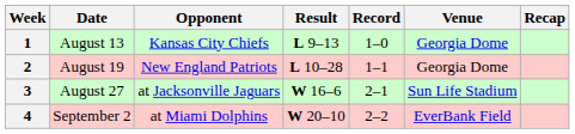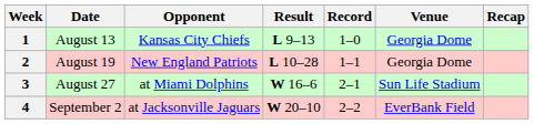 <table class="wikitable" style="text-align:center">
 <tr>
 <th>Week</th>
 <th>Date</th>
 <th>Opponent</th>
 <th>Result</th>
 <th>Record</th>
 <th>Venue</th>
 <th>Recap</th>
 </tr>
 <tr style="background:#cfc;">
 <th>1</th>
 <td style="text-align:center;">August 13</td>
 <td style="text-align:center;"><a href='#'>Kansas City Chiefs</a></td>
 <td style="text-align:center;"><strong>L</strong> 9–13</td>
 <td style="text-align:center;">1–0</td>
 <td style="text-align:center;"><a href='#'>Georgia Dome</a></td>
 <td style="text-align:center;"></td>
 </tr>
 <tr style="background:#fcc;">
 <th>2</th>
 <td style="text-align:center;">August 19</td>
 <td style="text-align:center;"><a href='#'>New England Patriots</a></td>
 <td style="text-align:center;"><strong>L</strong> 10–28</td>
 <td style="text-align:center;">1–1</td>
 <td style="text-align:center;">Georgia Dome</td>
 <td style="text-align:center;"></td>
 </tr>
 <tr style="background:#cfc;">
 <th>3</th>
 <td style="text-align:center;">August 27</td>
-<td style="text-align:center;">at <a href='#'>Jacksonville Jaguars</a></td>
+<td style="text-align:center;">at <a href='#'>Miami Dolphins</a></td>
 <td style="text-align:center;"><strong>W</strong> 16–6</td>
 <td style="text-align:center;">2–1</td>
 <td style="text-align:center;"><a href='#'>Sun Life Stadium</a></td>
 <td style="text-align:center;"></td>
 </tr>
 <tr style="background:#fcc">
 <th>4</th>
 <td style="text-align:center;">September 2</td>
-<td style="text-align:center;">at <a href='#'>Miami Dolphins</a></td>
+<td style="text-align:center;">at <a href='#'>Jacksonville Jaguars</a></td>
 <td style="text-align:center;"><strong>W</strong> 20–10</td>
 <td style="text-align:center;">2–2</td>
 <td style="text-align:center;"><a href='#'>EverBank Field</a></td>
 <td style="text-align:center;"></td>
 </tr>
 </table>
